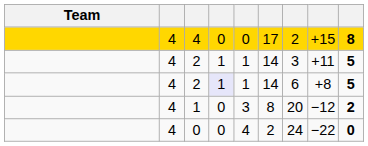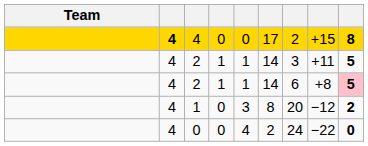 <table class="wikitable" style="text-align:center">
 <tr>
 <th width=165>Team</th>
 <th width=20></th>
 <th width=20></th>
 <th width=20></th>
 <th width=20></th>
 <th width=20></th>
 <th width=20></th>
 <th width=20></th>
 <th width=20></th>
 </tr>
 <tr align=center bgcolor=gold>
 <td align=left></td>
-<td>4</td>
+<td><strong>4</strong></td>
 <td>4</td>
 <td>0</td>
 <td>0</td>
 <td>17</td>
 <td>2</td>
 <td>+15</td>
 <td><strong>8</strong></td>
 </tr>
 <tr align=center>
 <td align=left></td>
 <td>4</td>
 <td>2</td>
 <td>1</td>
 <td>1</td>
 <td>14</td>
 <td>3</td>
 <td>+11</td>
 <td><strong>5</strong></td>
 </tr>
 <tr align=center>
 <td align=left></td>
 <td>4</td>
 <td>2</td>
-<td style="background: lavender;">1</td>
+<td>1</td>
 <td>1</td>
 <td>14</td>
 <td>6</td>
 <td>+8</td>
-<td><strong>5</strong></td>
+<td style="background: pink;"><strong>5</strong></td>
 </tr>
 <tr align=center>
 <td align=left></td>
 <td>4</td>
 <td>1</td>
 <td>0</td>
 <td>3</td>
 <td>8</td>
 <td>20</td>
 <td>−12</td>
 <td><strong>2</strong></td>
 </tr>
 <tr align=center>
 <td align=left></td>
 <td>4</td>
 <td>0</td>
 <td>0</td>
 <td>4</td>
 <td>2</td>
 <td>24</td>
 <td>−22</td>
 <td><strong>0</strong></td>
 </tr>
 </table>
